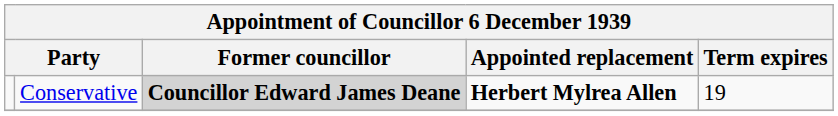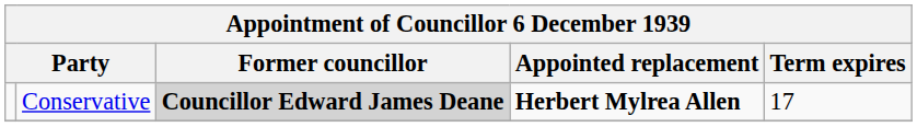 <table class="wikitable">
 <tr>
 <th colspan="5"><strong>Appointment of Councillor 6 December 1939</strong></th>
 </tr>
 <tr>
 <th colspan="2">Party</th>
 <th>Former councillor</th>
 <th>Appointed replacement</th>
 <th>Term expires</th>
 </tr>
 <tr>
 <td style="background-color:"></td>
 <td><a href='#'>Conservative</a></td>
 <td style="background: lightgrey;"><strong>Councillor Edward James Deane</strong></td>
 <td><strong>Herbert Mylrea Allen</strong></td>
-<td>19</td>
+<td>17</td>
 </tr>
 <tr>
 </tr>
 </table>
